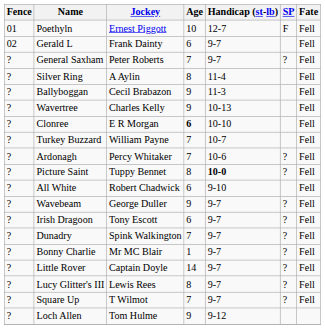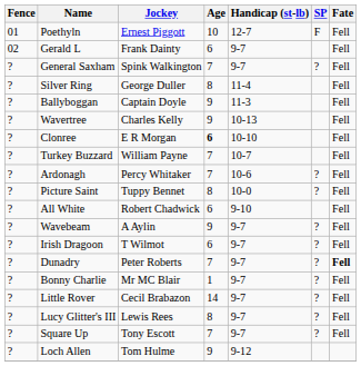 <table class="wikitable sortable">
 <tr>
 <th>Fence</th>
 <th>Name</th>
 <th><a href='#'>Jockey</a></th>
 <th>Age</th>
 <th>Handicap (<a href='#'>st</a>-<a href='#'>lb</a>)</th>
 <th><a href='#'>SP</a></th>
 <th>Fate</th>
 </tr>
 <tr>
 <td>01</td>
 <td>Poethyln</td>
 <td><a href='#'>Ernest Piggott</a></td>
 <td>10</td>
 <td>12-7</td>
 <td> F</td>
 <td>Fell</td>
 </tr>
 <tr>
 <td>02</td>
 <td>Gerald L</td>
 <td>Frank Dainty</td>
 <td>6</td>
 <td>9-7</td>
 <td></td>
 <td>Fell</td>
 </tr>
 <tr>
 <td>?</td>
 <td>General Saxham</td>
-<td>Peter Roberts</td>
+<td>Spink Walkington</td>
 <td>7</td>
 <td>9-7</td>
 <td>?</td>
 <td>Fell</td>
 </tr>
 <tr>
 <td>?</td>
 <td>Silver Ring</td>
-<td>A Aylin</td>
+<td>George Duller</td>
 <td>8</td>
 <td>11-4</td>
 <td></td>
 <td>Fell</td>
 </tr>
 <tr>
 <td>?</td>
 <td>Ballyboggan</td>
-<td>Cecil Brabazon</td>
+<td>Captain Doyle</td>
 <td>9</td>
 <td>11-3</td>
 <td></td>
 <td>Fell</td>
 </tr>
 <tr>
 <td>?</td>
 <td>Wavertree</td>
 <td>Charles Kelly</td>
 <td>9</td>
 <td>10-13</td>
 <td></td>
 <td>Fell</td>
 </tr>
 <tr>
 <td>?</td>
 <td>Clonree</td>
 <td>E R Morgan</td>
 <td><strong>6</strong></td>
 <td>10-10</td>
 <td></td>
 <td>Fell</td>
 </tr>
 <tr>
 <td>?</td>
 <td>Turkey Buzzard</td>
 <td>William Payne</td>
 <td>7</td>
 <td>10-7</td>
 <td></td>
 <td>Fell</td>
 </tr>
 <tr>
 <td>?</td>
 <td>Ardonagh</td>
 <td>Percy Whitaker</td>
 <td>7</td>
 <td>10-6</td>
 <td>?</td>
 <td>Fell</td>
 </tr>
 <tr>
 <td>?</td>
 <td>Picture Saint</td>
 <td>Tuppy Bennet</td>
 <td>8</td>
-<td><strong>10-0</strong></td>
+<td>10-0</td>
 <td>?</td>
 <td>Fell</td>
 </tr>
 <tr>
 <td>?</td>
 <td>All White</td>
 <td>Robert Chadwick</td>
 <td>6</td>
 <td>9-10</td>
 <td></td>
 <td>Fell</td>
 </tr>
 <tr>
 <td>?</td>
 <td>Wavebeam</td>
-<td>George Duller</td>
+<td>A Aylin</td>
 <td>9</td>
 <td>9-7</td>
 <td>?</td>
 <td>Fell</td>
 </tr>
 <tr>
 <td>?</td>
 <td>Irish Dragoon</td>
-<td>Tony Escott</td>
+<td>T Wilmot</td>
 <td>6</td>
 <td>9-7</td>
 <td>?</td>
 <td>Fell</td>
 </tr>
 <tr>
 <td>?</td>
 <td>Dunadry</td>
-<td>Spink Walkington</td>
+<td>Peter Roberts</td>
 <td>7</td>
 <td>9-7</td>
 <td>?</td>
-<td>Fell</td>
+<td><strong>Fell</strong></td>
 </tr>
 <tr>
 <td>?</td>
 <td>Bonny Charlie</td>
 <td>Mr MC Blair</td>
 <td>1</td>
 <td>9-7</td>
 <td>?</td>
 <td>Fell</td>
 </tr>
 <tr>
 <td>?</td>
 <td>Little Rover</td>
-<td>Captain Doyle</td>
+<td>Cecil Brabazon</td>
 <td>14</td>
 <td>9-7</td>
 <td>?</td>
 <td>Fell</td>
 </tr>
 <tr>
 <td>?</td>
 <td>Lucy Glitter's III</td>
 <td>Lewis Rees</td>
 <td>8</td>
 <td>9-7</td>
 <td>?</td>
 <td>Fell</td>
 </tr>
 <tr>
 <td>?</td>
 <td>Square Up</td>
-<td>T Wilmot</td>
+<td>Tony Escott</td>
 <td>7</td>
 <td>9-7</td>
 <td>?</td>
 <td>Fell</td>
 </tr>
 <tr>
 <td>?</td>
 <td>Loch Allen</td>
 <td>Tom Hulme</td>
 <td>9</td>
 <td>9-12</td>
 <td></td>
 <td></td>
 </tr>
 <tr>
 </tr>
 </table>
